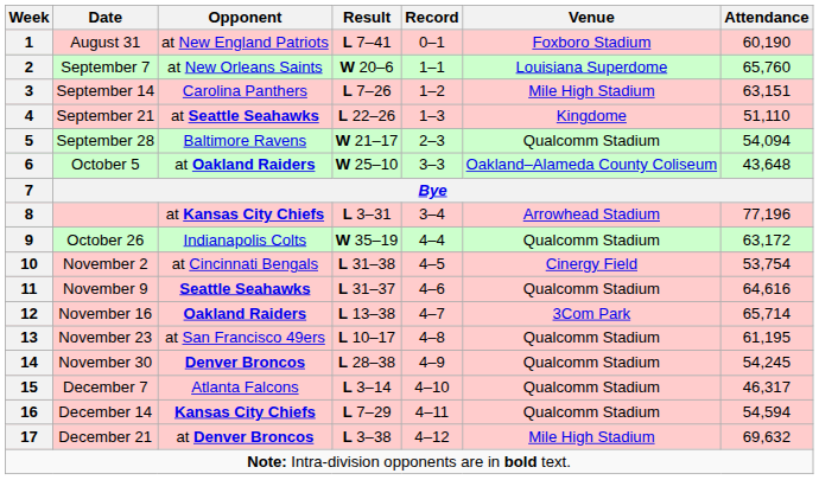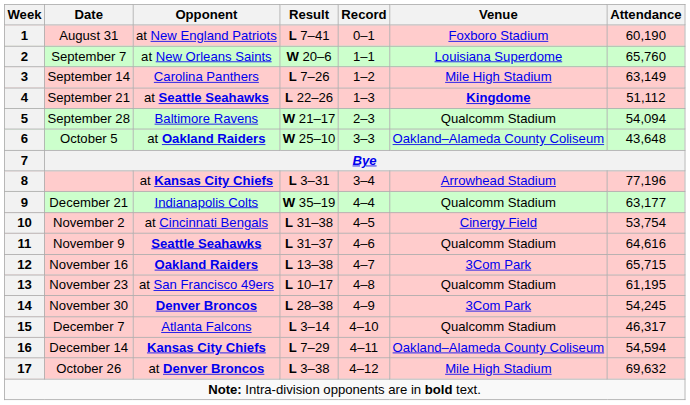 <table class="wikitable" style="text-align:center">
 <tr>
 <th>Week</th>
 <th>Date</th>
 <th>Opponent</th>
 <th>Result</th>
 <th>Record</th>
 <th>Venue</th>
 <th>Attendance</th>
 </tr>
 <tr style="background:#fcc">
 <th>1</th>
 <td>August 31</td>
 <td>at <a href='#'>New England Patriots</a></td>
 <td><strong>L</strong> 7–41</td>
 <td>0–1</td>
 <td><a href='#'>Foxboro Stadium</a></td>
 <td>60,190</td>
 </tr>
 <tr style="background:#cfc">
 <th>2</th>
 <td>September 7</td>
 <td>at <a href='#'>New Orleans Saints</a></td>
 <td><strong>W</strong> 20–6</td>
 <td>1–1</td>
 <td><a href='#'>Louisiana Superdome</a></td>
 <td>65,760</td>
 </tr>
 <tr style="background:#fcc">
 <th>3</th>
 <td>September 14</td>
 <td><a href='#'>Carolina Panthers</a></td>
 <td><strong>L</strong> 7–26</td>
 <td>1–2</td>
 <td><a href='#'>Mile High Stadium</a></td>
-<td>63,151</td>
+<td>63,149</td>
 </tr>
 <tr style="background:#fcc">
 <th>4</th>
 <td>September 21</td>
 <td>at <strong><a href='#'>Seattle Seahawks</a></strong></td>
 <td><strong>L</strong> 22–26</td>
 <td>1–3</td>
-<td><a href='#'>Kingdome</a></td>
-<td>51,110</td>
+<td><strong><a href='#'>Kingdome</a></strong></td>
+<td>51,112</td>
 </tr>
 <tr style="background:#cfc">
 <th>5</th>
 <td>September 28</td>
 <td><a href='#'>Baltimore Ravens</a></td>
 <td><strong>W</strong> 21–17</td>
 <td>2–3</td>
 <td>Qualcomm Stadium</td>
 <td>54,094</td>
 </tr>
 <tr style="background:#cfc">
 <th>6</th>
 <td>October 5</td>
 <td>at <strong><a href='#'>Oakland Raiders</a></strong></td>
 <td><strong>W</strong> 25–10</td>
 <td>3–3</td>
 <td><a href='#'>Oakland–Alameda County Coliseum</a></td>
 <td>43,648</td>
 </tr>
 <tr>
 <th>7</th>
 <th colspan="7"><em><a href='#'>Bye</a></em></th>
 </tr>
 <tr style="background:#fcc">
 <th>8</th>
 <td></td>
 <td>at <strong><a href='#'>Kansas City Chiefs</a></strong></td>
 <td><strong>L</strong> 3–31</td>
 <td>3–4</td>
 <td><a href='#'>Arrowhead Stadium</a></td>
 <td>77,196</td>
 </tr>
 <tr style="background:#cfc">
 <th>9</th>
-<td>October 26</td>
+<td>December 21</td>
 <td><a href='#'>Indianapolis Colts</a></td>
 <td><strong>W</strong> 35–19</td>
 <td>4–4</td>
 <td>Qualcomm Stadium</td>
-<td>63,172</td>
+<td>63,177</td>
 </tr>
 <tr style="background:#fcc">
 <th>10</th>
 <td>November 2</td>
 <td>at <a href='#'>Cincinnati Bengals</a></td>
 <td><strong>L</strong> 31–38</td>
 <td>4–5</td>
 <td><a href='#'>Cinergy Field</a></td>
 <td>53,754</td>
 </tr>
 <tr style="background:#fcc">
 <th>11</th>
 <td>November 9</td>
 <td><strong><a href='#'>Seattle Seahawks</a></strong></td>
 <td><strong>L</strong> 31–37</td>
 <td>4–6</td>
 <td>Qualcomm Stadium</td>
 <td>64,616</td>
 </tr>
 <tr style="background:#fcc">
 <th>12</th>
 <td>November 16</td>
 <td><strong><a href='#'>Oakland Raiders</a></strong></td>
 <td><strong>L</strong> 13–38</td>
 <td>4–7</td>
 <td><a href='#'>3Com Park</a></td>
-<td>65,714</td>
+<td>65,715</td>
 </tr>
 <tr style="background:#fcc">
 <th>13</th>
 <td>November 23</td>
 <td>at <a href='#'>San Francisco 49ers</a></td>
 <td><strong>L</strong> 10–17</td>
 <td>4–8</td>
 <td>Qualcomm Stadium</td>
 <td>61,195</td>
 </tr>
 <tr style="background:#fcc">
 <th>14</th>
 <td>November 30</td>
 <td><strong><a href='#'>Denver Broncos</a></strong></td>
 <td><strong>L</strong> 28–38</td>
 <td>4–9</td>
-<td>Qualcomm Stadium</td>
+<td><a href='#'>3Com Park</a></td>
 <td>54,245</td>
 </tr>
 <tr style="background:#fcc">
 <th>15</th>
 <td>December 7</td>
 <td><a href='#'>Atlanta Falcons</a></td>
 <td><strong>L</strong> 3–14</td>
 <td>4–10</td>
 <td>Qualcomm Stadium</td>
 <td>46,317</td>
 </tr>
 <tr style="background:#fcc">
 <th>16</th>
 <td>December 14</td>
 <td><strong><a href='#'>Kansas City Chiefs</a></strong></td>
 <td><strong>L</strong> 7–29</td>
 <td>4–11</td>
-<td>Qualcomm Stadium</td>
+<td><a href='#'>Oakland–Alameda County Coliseum</a></td>
 <td>54,594</td>
 </tr>
 <tr style="background:#fcc">
 <th>17</th>
-<td>December 21</td>
+<td>October 26</td>
 <td>at <strong><a href='#'>Denver Broncos</a></strong></td>
 <td><strong>L</strong> 3–38</td>
 <td>4–12</td>
 <td><a href='#'>Mile High Stadium</a></td>
 <td>69,632</td>
 </tr>
 <tr>
 <td colspan="7"><strong>Note:</strong> Intra-division opponents are in <strong>bold</strong> text.</td>
 </tr>
 </table>
